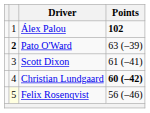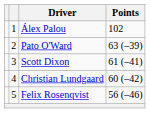 <table class="wikitable" style="font-size: 95%;">
 <tr>
 <th scope="col"></th>
 <th scope="col"></th>
 <th scope="col">Driver</th>
 <th scope="col">Points</th>
 </tr>
 <tr>
 <td align="left"></td>
 <td align="center">1</td>
 <td> <a href='#'>Álex Palou</a></td>
-<td align="left"><strong>102</strong></td>
+<td align="left">102</td>
 </tr>
 <tr>
 <td align="left"></td>
-<td align="center"><strong>2</strong></td>
+<td align="center">2</td>
 <td> <a href='#'>Pato O'Ward</a></td>
 <td align="left">63 (–39)</td>
 </tr>
 <tr>
 <td align="left"></td>
 <td align="center">3</td>
 <td> <a href='#'>Scott Dixon</a></td>
 <td align="left">61 (–41)</td>
 </tr>
 <tr>
 <td align="left"></td>
 <td align="center">4</td>
 <td> <a href='#'>Christian Lundgaard</a></td>
-<td align="left"><strong>60 (–42)</strong></td>
+<td align="left">60 (–42)</td>
 </tr>
 <tr>
 <td align="left"></td>
-<td align="center" style="background: lightyellow;">5</td>
+<td align="center">5</td>
 <td> <a href='#'>Felix Rosenqvist</a></td>
 <td align="left">56 (–46)</td>
 </tr>
 <tr>
 <th colspan=4></th>
 </tr>
 </table>
